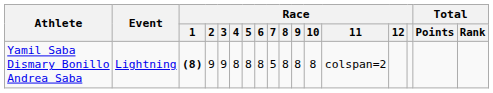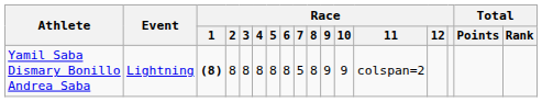 <table class=wikitable style=font-size:90%;text-align:center>
 <tr>
 <th rowspan=2>Athlete</th>
 <th rowspan=2>Event</th>
 <th colspan=13>Race</th>
 <th colspan=2>Total</th>
 </tr>
 <tr style=font-size:95%>
 <th>1</th>
 <th>2</th>
 <th>3</th>
 <th>4</th>
 <th>5</th>
 <th>6</th>
 <th>7</th>
 <th>8</th>
 <th>9</th>
 <th>10</th>
 <th>11</th>
 <th>12</th>
 <th></th>
 <th>Points</th>
 <th>Rank</th>
 </tr>
 <tr>
 <td align=left><a href='#'>Yamil Saba</a><br><a href='#'>Dismary Bonillo</a><br><a href='#'>Andrea Saba</a></td>
 <td align=left><a href='#'>Lightning</a></td>
 <td><strong>(8)</strong></td>
-<td>9</td>
-<td>9</td>
+<td>8</td>
+<td>8</td>
 <td>8</td>
 <td>8</td>
 <td>8</td>
 <td>5</td>
 <td>8</td>
-<td>8</td>
-<td>8</td>
+<td>9</td>
+<td>9</td>
 <td>colspan=2 </td>
 <td></td>
 <td></td>
 <td></td>
 </tr>
 </table>
